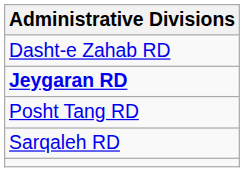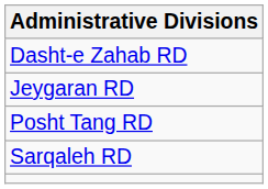 <table class="wikitable">
 <tr>
 <th>Administrative Divisions</th>
 </tr>
 <tr>
 <td><a href='#'>Dasht-e Zahab RD</a></td>
 </tr>
 <tr>
-<td><strong><a href='#'>Jeygaran RD</a></strong></td>
+<td><a href='#'>Jeygaran RD</a></td>
 </tr>
 <tr>
 <td><a href='#'>Posht Tang RD</a></td>
 </tr>
 <tr>
 <td><a href='#'>Sarqaleh RD</a></td>
 </tr>
 <tr>
 <td colspan=1></td>
 </tr>
 </table>
